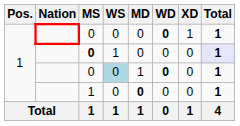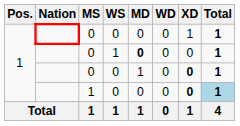 <table class="wikitable" style="text-align:center">
 <tr>
 <th>Pos.</th>
 <th>Nation</th>
 <th>MS</th>
 <th>WS</th>
 <th>MD</th>
 <th>WD</th>
 <th>XD</th>
 <th>Total</th>
 </tr>
 <tr>
 <td rowspan="4">1</td>
 <td align="left" style="border: 3px solid red"></td>
 <td>0</td>
 <td>0</td>
 <td>0</td>
-<td><strong>0</strong></td>
+<td>0</td>
 <td>1</td>
 <td><strong>1</strong></td>
 </tr>
 <tr>
 <td align="left"></td>
+<td>0</td>
+<td>1</td>
 <td><strong>0</strong></td>
-<td>1</td>
 <td>0</td>
 <td>0</td>
-<td>0</td>
-<td style="background: lavender;"><strong>1</strong></td>
+<td><strong>1</strong></td>
 </tr>
 <tr>
 <td align="left"></td>
 <td>0</td>
-<td style="background: lightblue;">0</td>
+<td>0</td>
 <td>1</td>
+<td>0</td>
 <td><strong>0</strong></td>
-<td>0</td>
 <td><strong>1</strong></td>
 </tr>
 <tr>
 <td align="left"></td>
 <td>1</td>
 <td>0</td>
-<td><strong>0</strong></td>
 <td>0</td>
 <td>0</td>
-<td><strong>1</strong></td>
+<td><strong>0</strong></td>
+<td style="background: lightblue;"><strong>1</strong></td>
 </tr>
 <tr>
 <th colspan="2">Total</th>
 <th>1</th>
 <th>1</th>
 <th>1</th>
 <th>0</th>
 <th>1</th>
 <th>4</th>
 </tr>
 </table>
